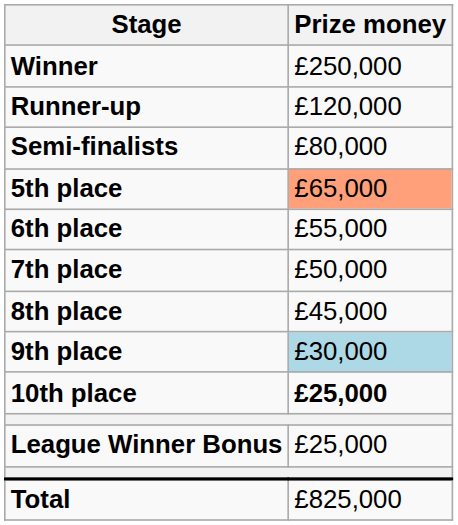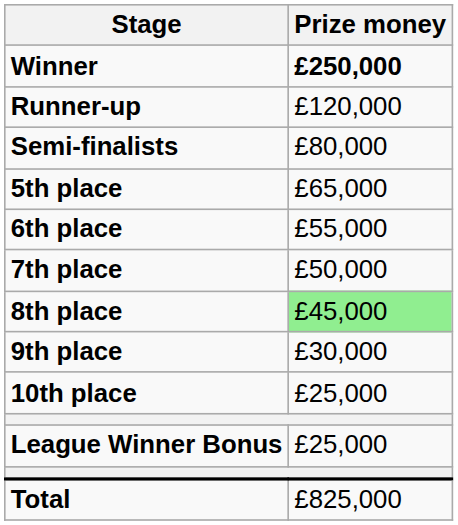 <table class="wikitable">
 <tr>
 <th>Stage</th>
 <th>Prize money<br></th>
 </tr>
 <tr>
 <td><strong>Winner</strong></td>
-<td>£250,000</td>
+<td><strong>£250,000</strong></td>
 </tr>
 <tr>
 <td><strong>Runner-up</strong></td>
 <td>£120,000</td>
 </tr>
 <tr>
 <td><strong>Semi-finalists</strong></td>
 <td>£80,000</td>
 </tr>
 <tr>
 <td><strong>5th place</strong></td>
-<td style="background: lightsalmon;">£65,000</td>
+<td>£65,000</td>
 </tr>
 <tr>
 <td><strong>6th place</strong></td>
 <td>£55,000</td>
 </tr>
 <tr>
 <td><strong>7th place</strong></td>
 <td>£50,000</td>
 </tr>
 <tr>
 <td><strong>8th place</strong></td>
-<td>£45,000</td>
+<td style="background: lightgreen;">£45,000</td>
 </tr>
 <tr>
 <td><strong>9th place</strong></td>
-<td style="background: lightblue;">£30,000</td>
+<td>£30,000</td>
 </tr>
 <tr>
 <td><strong>10th place</strong></td>
-<td><strong>£25,000</strong></td>
+<td>£25,000</td>
 </tr>
 <tr>
 <th colspan=3></th>
 </tr>
 <tr>
 <td><strong>League Winner Bonus</strong></td>
 <td>£25,000</td>
 </tr>
 <tr>
 <th colspan=3></th>
 </tr>
 <tr style="border-top:2px solid black;">
 <td><strong>Total</strong></td>
 <td>£825,000</td>
 </tr>
 </table>
